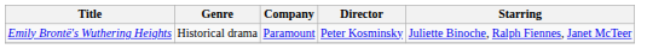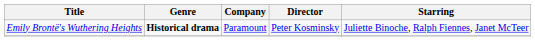 <table class="wikitable unsortable">
 <tr>
 <th>Title</th>
 <th>Genre</th>
 <th>Company</th>
 <th>Director</th>
 <th>Starring</th>
 </tr>
 <tr>
 <td><em><a href='#'>Emily Brontë's Wuthering Heights</a></em></td>
-<td>Historical drama</td>
+<td><strong>Historical drama</strong></td>
 <td><a href='#'>Paramount</a></td>
 <td><a href='#'>Peter Kosminsky</a></td>
 <td><a href='#'>Juliette Binoche</a>, <a href='#'>Ralph Fiennes</a>, <a href='#'>Janet McTeer</a></td>
 </tr>
 <tr>
 </tr>
 </table>
